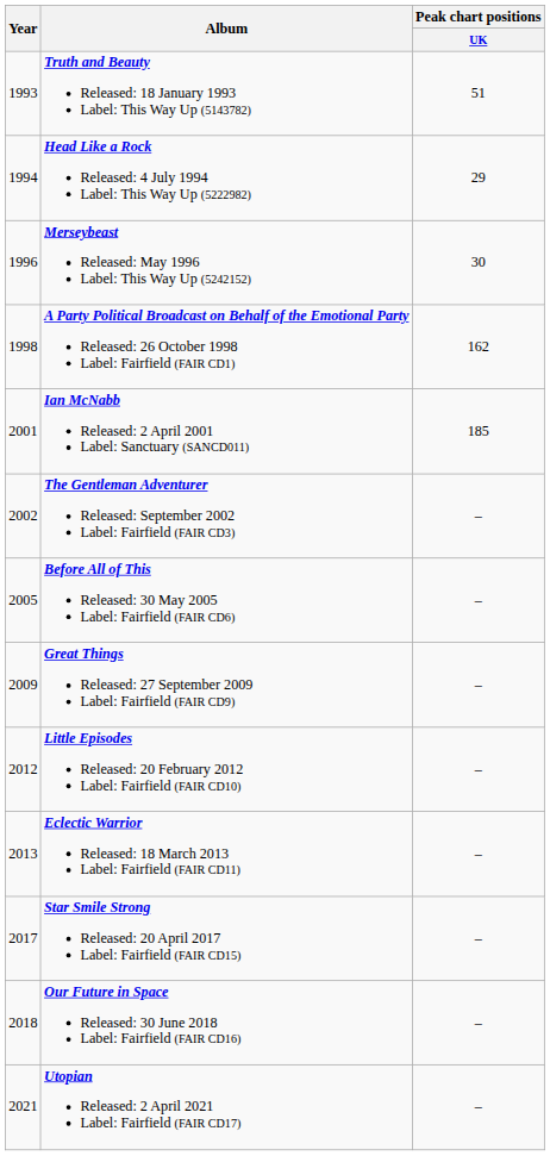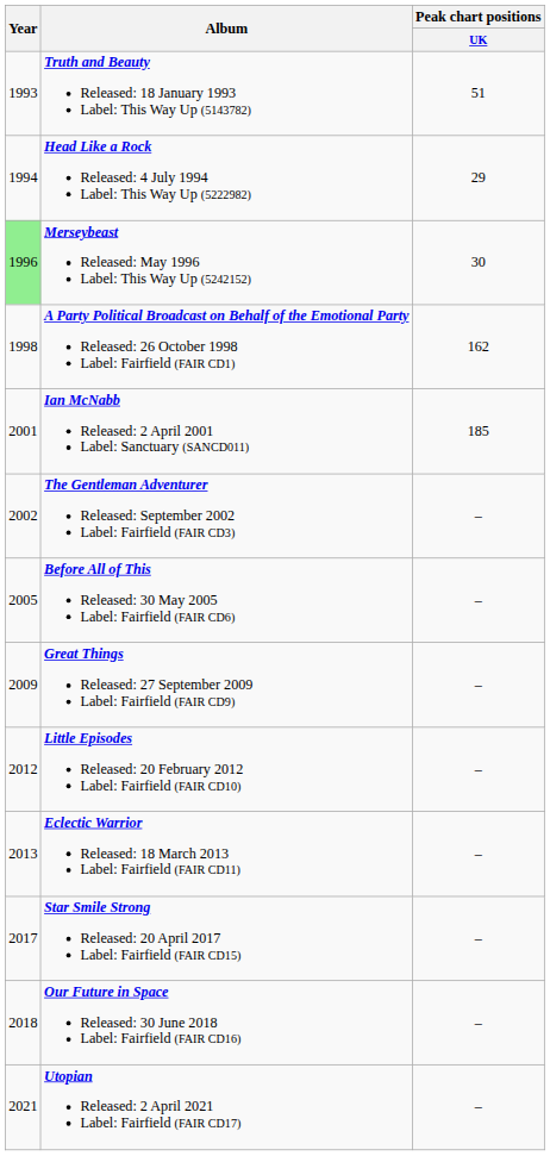 <table class="wikitable">
 <tr>
 <th rowspan=2>Year</th>
 <th rowspan=2>Album</th>
 <th>Peak chart positions</th>
 </tr>
 <tr>
 <th><small><a href='#'>UK</a></small> <br></th>
 </tr>
 <tr>
 <td>1993</td>
 <td><strong><em><a href='#'>Truth and Beauty</a></em></strong><br><ul><li>Released: 18 January 1993</li><li>Label: This Way Up <small>(5143782)</small></li></ul></td>
 <td align=center>51</td>
 </tr>
 <tr>
 <td>1994</td>
 <td><strong><em><a href='#'>Head Like a Rock</a></em></strong><br><ul><li>Released: 4 July 1994</li><li>Label: This Way Up <small>(5222982)</small></li></ul></td>
 <td align=center>29</td>
 </tr>
 <tr>
-<td>1996</td>
+<td style="background: lightgreen;">1996</td>
 <td><strong><em><a href='#'>Merseybeast</a></em></strong><br><ul><li>Released: May 1996</li><li>Label: This Way Up <small>(5242152)</small></li></ul></td>
 <td align=center>30</td>
 </tr>
 <tr>
 <td>1998</td>
 <td><strong><em><a href='#'>A Party Political Broadcast on Behalf of the Emotional Party</a></em></strong><br><ul><li>Released: 26 October 1998</li><li>Label: Fairfield <small>(FAIR CD1)</small></li></ul></td>
 <td align=center>162</td>
 </tr>
 <tr>
 <td>2001</td>
 <td><strong><em><a href='#'>Ian McNabb</a></em></strong><br><ul><li>Released: 2 April 2001</li><li>Label: Sanctuary <small>(SANCD011)</small></li></ul></td>
 <td align=center>185</td>
 </tr>
 <tr>
 <td>2002</td>
 <td><strong><em><a href='#'>The Gentleman Adventurer</a></em></strong><br><ul><li>Released: September 2002</li><li>Label: Fairfield <small>(FAIR CD3)</small></li></ul></td>
 <td align=center>–</td>
 </tr>
 <tr>
 <td>2005</td>
 <td><strong><em><a href='#'>Before All of This</a></em></strong><br><ul><li>Released: 30 May 2005</li><li>Label: Fairfield <small>(FAIR CD6)</small></li></ul></td>
 <td align=center>–</td>
 </tr>
 <tr>
 <td>2009</td>
 <td><strong><em><a href='#'>Great Things</a></em></strong><br><ul><li>Released: 27 September 2009</li><li>Label: Fairfield <small>(FAIR CD9)</small></li></ul></td>
 <td align=center>–</td>
 </tr>
 <tr>
 <td>2012</td>
 <td><strong><em><a href='#'>Little Episodes</a></em></strong><br><ul><li>Released: 20 February 2012</li><li>Label: Fairfield <small>(FAIR CD10)</small></li></ul></td>
 <td align=center>–</td>
 </tr>
 <tr>
 <td>2013</td>
 <td><strong><em><a href='#'>Eclectic Warrior</a></em></strong><br><ul><li>Released: 18 March 2013</li><li>Label: Fairfield <small>(FAIR CD11)</small></li></ul></td>
 <td align="center">–</td>
 </tr>
 <tr>
 <td>2017</td>
 <td><strong><em><a href='#'>Star Smile Strong</a></em></strong><br><ul><li>Released: 20 April 2017</li><li>Label: Fairfield <small>(FAIR CD15)</small></li></ul></td>
 <td align="center">–</td>
 </tr>
 <tr>
 <td>2018</td>
 <td><strong><em><a href='#'>Our Future in Space</a></em></strong><br><ul><li>Released: 30 June 2018</li><li>Label: Fairfield <small>(FAIR CD16)</small></li></ul></td>
 <td align="center">–</td>
 </tr>
 <tr>
 <td>2021</td>
 <td><strong><em><a href='#'>Utopian</a></em></strong><br><ul><li>Released: 2 April 2021</li><li>Label: Fairfield <small>(FAIR CD17)</small></li></ul></td>
 <td align="center">–</td>
 </tr>
 </table>
